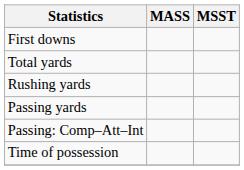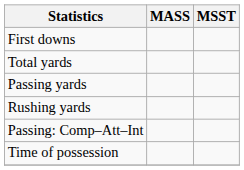 <table class="wikitable" style="float: left;">
 <tr>
 <th>Statistics</th>
 <th>MASS</th>
 <th>MSST</th>
 </tr>
 <tr>
 <td>First downs</td>
 <td></td>
 <td></td>
 </tr>
 <tr>
 <td>Total yards</td>
 <td></td>
 <td></td>
 </tr>
 <tr>
-<td>Rushing yards</td>
+<td>Passing yards</td>
 <td></td>
 <td></td>
 </tr>
 <tr>
-<td>Passing yards</td>
+<td>Rushing yards</td>
 <td></td>
 <td></td>
 </tr>
 <tr>
 <td>Passing: Comp–Att–Int</td>
 <td></td>
 <td></td>
 </tr>
 <tr>
 <td>Time of possession</td>
 <td></td>
 <td></td>
 </tr>
 <tr>
 </tr>
 </table>
